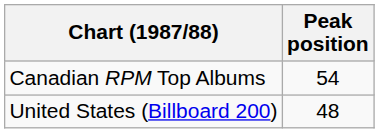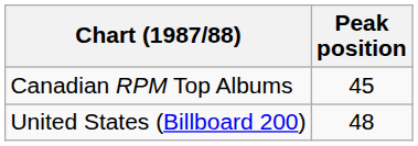 <table class="wikitable">
 <tr>
 <th scope="col">Chart (1987/88)</th>
 <th>Peak<br>position</th>
 </tr>
 <tr>
 <td>Canadian <em>RPM</em> Top Albums</td>
-<td style="text-align:center;">54</td>
+<td style="text-align:center;">45</td>
 </tr>
 <tr>
 <td>United States (<a href='#'>Billboard 200</a>)</td>
 <td style="text-align:center;">48</td>
 </tr>
 </table>
